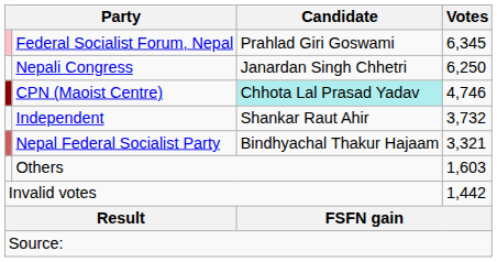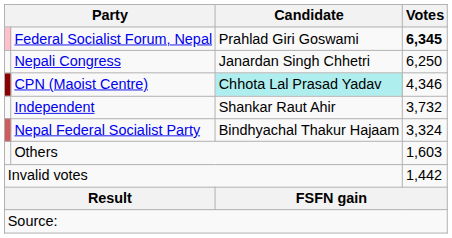 <table class="wikitable">
 <tr>
 <th colspan="2">Party</th>
 <th>Candidate</th>
 <th>Votes</th>
 </tr>
 <tr>
 <td style="background-color:pink"></td>
 <td><a href='#'>Federal Socialist Forum, Nepal</a></td>
 <td>Prahlad Giri Goswami</td>
-<td>6,345</td>
+<td><strong>6,345</strong></td>
 </tr>
 <tr>
 <td style="background-color:"></td>
 <td><a href='#'>Nepali Congress</a></td>
 <td>Janardan Singh Chhetri</td>
 <td>6,250</td>
 </tr>
 <tr>
 <td style="background-color:darkred"></td>
 <td><a href='#'>CPN (Maoist Centre)</a></td>
 <td style="background: paleturquoise;">Chhota Lal Prasad Yadav</td>
-<td>4,746</td>
+<td>4,346</td>
 </tr>
 <tr>
 <td style="background-color:"></td>
 <td><a href='#'>Independent</a></td>
 <td>Shankar Raut Ahir</td>
 <td>3,732</td>
 </tr>
 <tr>
 <td style="background-color:#CD5C5C"></td>
 <td><a href='#'>Nepal Federal Socialist Party</a></td>
 <td>Bindhyachal Thakur Hajaam</td>
-<td>3,321</td>
+<td>3,324</td>
 </tr>
 <tr>
 <td></td>
 <td colspan="2">Others</td>
 <td>1,603</td>
 </tr>
 <tr>
 <td colspan="3">Invalid votes</td>
 <td>1,442</td>
 </tr>
 <tr>
 <th colspan="2">Result</th>
 <th colspan="2">FSFN gain</th>
 </tr>
 <tr>
 <td colspan="4">Source: </td>
 </tr>
 </table>
